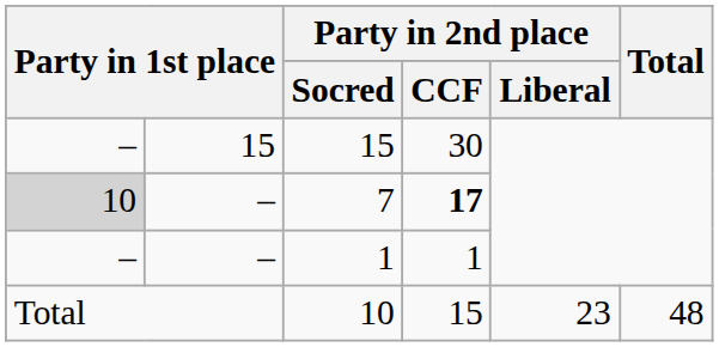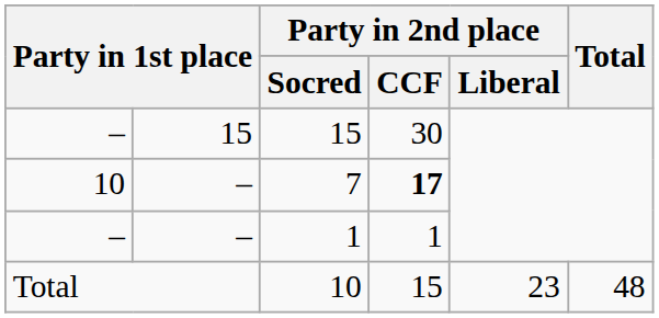 <table class="wikitable" style="text-align:right;">
 <tr>
 <th rowspan="2" colspan="2" style="text-align:left;">Party in 1st place</th>
 <th colspan="3">Party in 2nd place</th>
 <th rowspan="2">Total</th>
 </tr>
 <tr>
 <th>Socred</th>
 <th>CCF</th>
 <th>Liberal</th>
 </tr>
 <tr>
 <td>–</td>
 <td>15</td>
 <td>15</td>
 <td>30</td>
 </tr>
 <tr>
-<td style="background: lightgrey;">10</td>
+<td>10</td>
 <td>–</td>
 <td>7</td>
 <td><strong>17</strong></td>
 </tr>
 <tr>
 <td>–</td>
 <td>–</td>
 <td>1</td>
 <td>1</td>
 </tr>
 <tr>
 <td colspan="2" style="text-align:left;">Total</td>
 <td>10</td>
 <td>15</td>
 <td>23</td>
 <td>48</td>
 </tr>
 </table>
